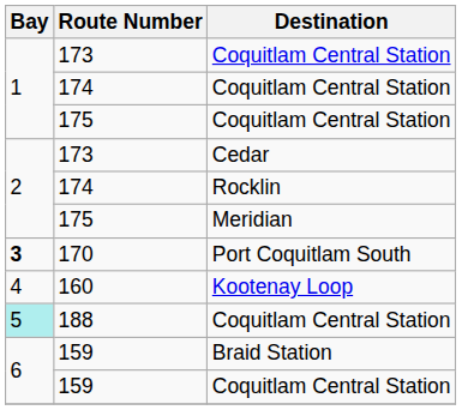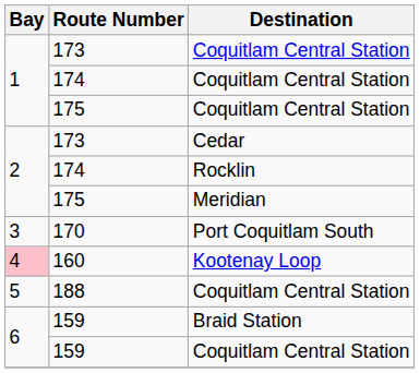 <table class="wikitable">
 <tr>
 <th>Bay</th>
 <th>Route Number</th>
 <th>Destination</th>
 </tr>
 <tr>
 <td rowspan="3">1</td>
 <td>173</td>
 <td><a href='#'>Coquitlam Central Station</a></td>
 </tr>
 <tr>
 <td>174</td>
 <td>Coquitlam Central Station</td>
 </tr>
 <tr>
 <td>175</td>
 <td>Coquitlam Central Station<br></td>
 </tr>
 <tr>
 <td rowspan="3">2</td>
 <td>173</td>
 <td>Cedar</td>
 </tr>
 <tr>
 <td>174</td>
 <td>Rocklin</td>
 </tr>
 <tr>
 <td>175</td>
 <td>Meridian<br></td>
 </tr>
 <tr>
-<td><strong>3</strong></td>
+<td>3</td>
 <td>170</td>
 <td>Port Coquitlam South</td>
 </tr>
 <tr>
-<td>4</td>
+<td style="background: pink;">4</td>
 <td>160</td>
 <td><a href='#'>Kootenay Loop</a></td>
 </tr>
 <tr>
-<td style="background: paleturquoise;">5</td>
+<td>5</td>
 <td>188</td>
 <td>Coquitlam Central Station</td>
 </tr>
 <tr>
 <td rowspan="2">6</td>
 <td>159</td>
 <td>Braid Station</td>
 </tr>
 <tr>
 <td>159</td>
 <td>Coquitlam Central Station</td>
 </tr>
 <tr>
 </tr>
 </table>
